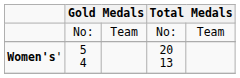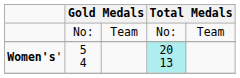 <table class="wikitable" style="text-align: center; font-size:95%;">
 <tr>
 <td></td>
 <th colspan=2>Gold Medals</th>
 <th colspan=2>Total Medals</th>
 </tr>
 <tr>
 <td></td>
 <td>No:</td>
 <td>Team</td>
 <td>No:</td>
 <td>Team</td>
 </tr>
 <tr>
 </tr>
 <tr>
 <td><strong>Women's</strong>'</td>
 <td>5 <br> 4</td>
 <td align="left"> <br> </td>
-<td>20 <br> 13</td>
+<td style="background: paleturquoise;">20 <br> 13</td>
 <td align="left"> <br> </td>
 </tr>
 <tr>
 </tr>
 </table>
